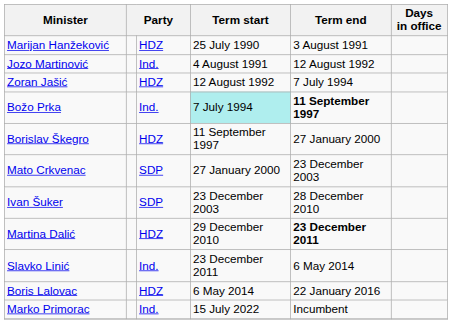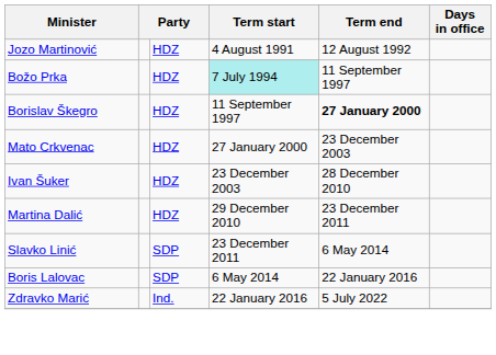 <table class="wikitable" style="text-align: left;">
 <tr>
 <th width="160">Minister</th>
 <th colspan=2 width="80">Party</th>
 <th width="130">Term start</th>
 <th width="130">Term end</th>
 <th width=70>Days<br> in office</th>
 </tr>
 <tr>
-<td><a href='#'>Marijan Hanžeković</a></td>
+<td><a href='#'>Jozo Martinović</a></td>
 <td style="background-color: "></td>
 <td><a href='#'>HDZ</a></td>
-<td>25 July 1990</td>
-<td>3 August 1991</td>
-<td align=right></td>
-</tr>
-<tr>
-<td><a href='#'>Jozo Martinović</a></td>
-<td style="background-color: "></td>
-<td><a href='#'>Ind.</a></td>
 <td>4 August 1991</td>
 <td>12 August 1992</td>
 <td align=right></td>
 </tr>
 <tr>
-<td><a href='#'>Zoran Jašić</a></td>
+<td><a href='#'>Božo Prka</a></td>
 <td style="background-color: "></td>
 <td><a href='#'>HDZ</a></td>
-<td>12 August 1992</td>
-<td>7 July 1994</td>
-<td align=right></td>
-</tr>
-<tr>
-<td><a href='#'>Božo Prka</a></td>
-<td style="background-color: "></td>
-<td><a href='#'>Ind.</a></td>
 <td style="background: paleturquoise;">7 July 1994</td>
-<td><strong>11 September 1997</strong></td>
+<td>11 September 1997</td>
 <td align=right></td>
 </tr>
 <tr>
 <td><a href='#'>Borislav Škegro</a></td>
 <td style="background-color: "></td>
 <td><a href='#'>HDZ</a></td>
 <td>11 September 1997</td>
-<td>27 January 2000</td>
+<td><strong>27 January 2000</strong></td>
 <td align=right></td>
 </tr>
 <tr>
 <td><a href='#'>Mato Crkvenac</a></td>
 <td style="background-color: "></td>
-<td><a href='#'>SDP</a></td>
+<td><a href='#'>HDZ</a></td>
 <td>27 January 2000</td>
 <td>23 December 2003</td>
 <td align=right></td>
 </tr>
 <tr>
 <td><a href='#'>Ivan Šuker</a></td>
 <td style="background-color: "></td>
-<td><a href='#'>SDP</a></td>
+<td><a href='#'>HDZ</a></td>
 <td>23 December 2003</td>
 <td>28 December 2010</td>
 <td align=right></td>
 </tr>
 <tr>
 <td><a href='#'>Martina Dalić</a></td>
 <td style="background-color: "></td>
 <td><a href='#'>HDZ</a></td>
 <td>29 December 2010</td>
-<td><strong>23 December 2011</strong></td>
+<td>23 December 2011</td>
 <td align=right></td>
 </tr>
 <tr>
 <td><a href='#'>Slavko Linić</a></td>
 <td style="background-color: "></td>
-<td><a href='#'>Ind.</a></td>
+<td><a href='#'>SDP</a></td>
 <td>23 December 2011</td>
 <td>6 May 2014</td>
 <td align=right></td>
 </tr>
 <tr>
 <td><a href='#'>Boris Lalovac</a></td>
 <td style="background-color: "></td>
-<td><a href='#'>HDZ</a></td>
+<td><a href='#'>SDP</a></td>
 <td>6 May 2014</td>
 <td>22 January 2016</td>
 <td align=right></td>
 </tr>
 <tr>
-<td><a href='#'>Marko Primorac</a></td>
+<td><a href='#'>Zdravko Marić</a></td>
 <td style="background-color: "></td>
 <td><a href='#'>Ind.</a></td>
-<td>15 July 2022</td>
-<td>Incumbent</td>
+<td>22 January 2016</td>
+<td>5 July 2022</td>
 <td align=right></td>
 </tr>
 <tr>
 </tr>
 </table>
